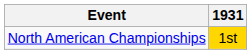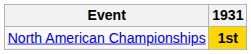 <table class="wikitable">
 <tr>
 <th>Event</th>
 <th>1931</th>
 </tr>
 <tr>
 <td><a href='#'>North American Championships</a></td>
-<td align="center" bgcolor="gold">1st</td>
+<td align="center" bgcolor="gold"><strong>1st</strong></td>
 </tr>
 </table>
